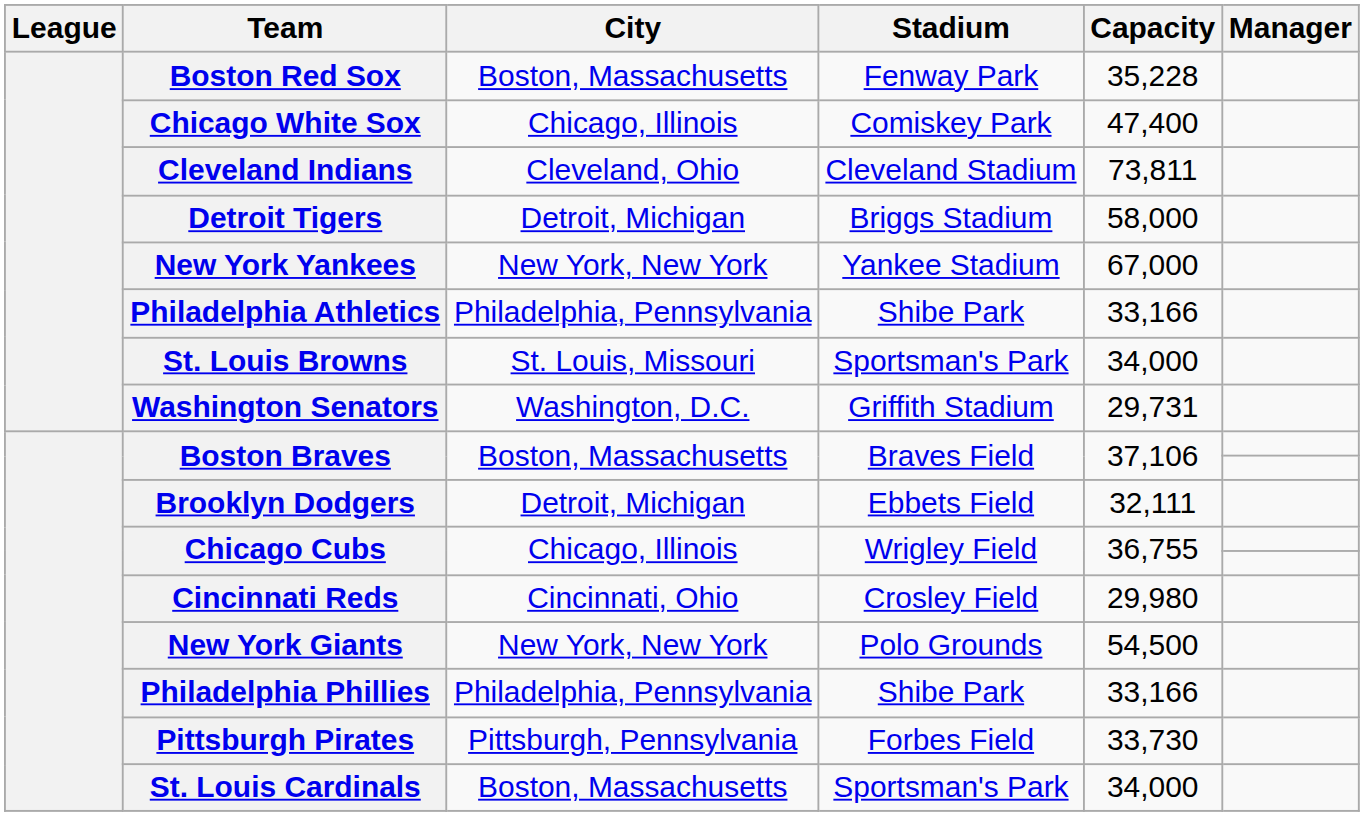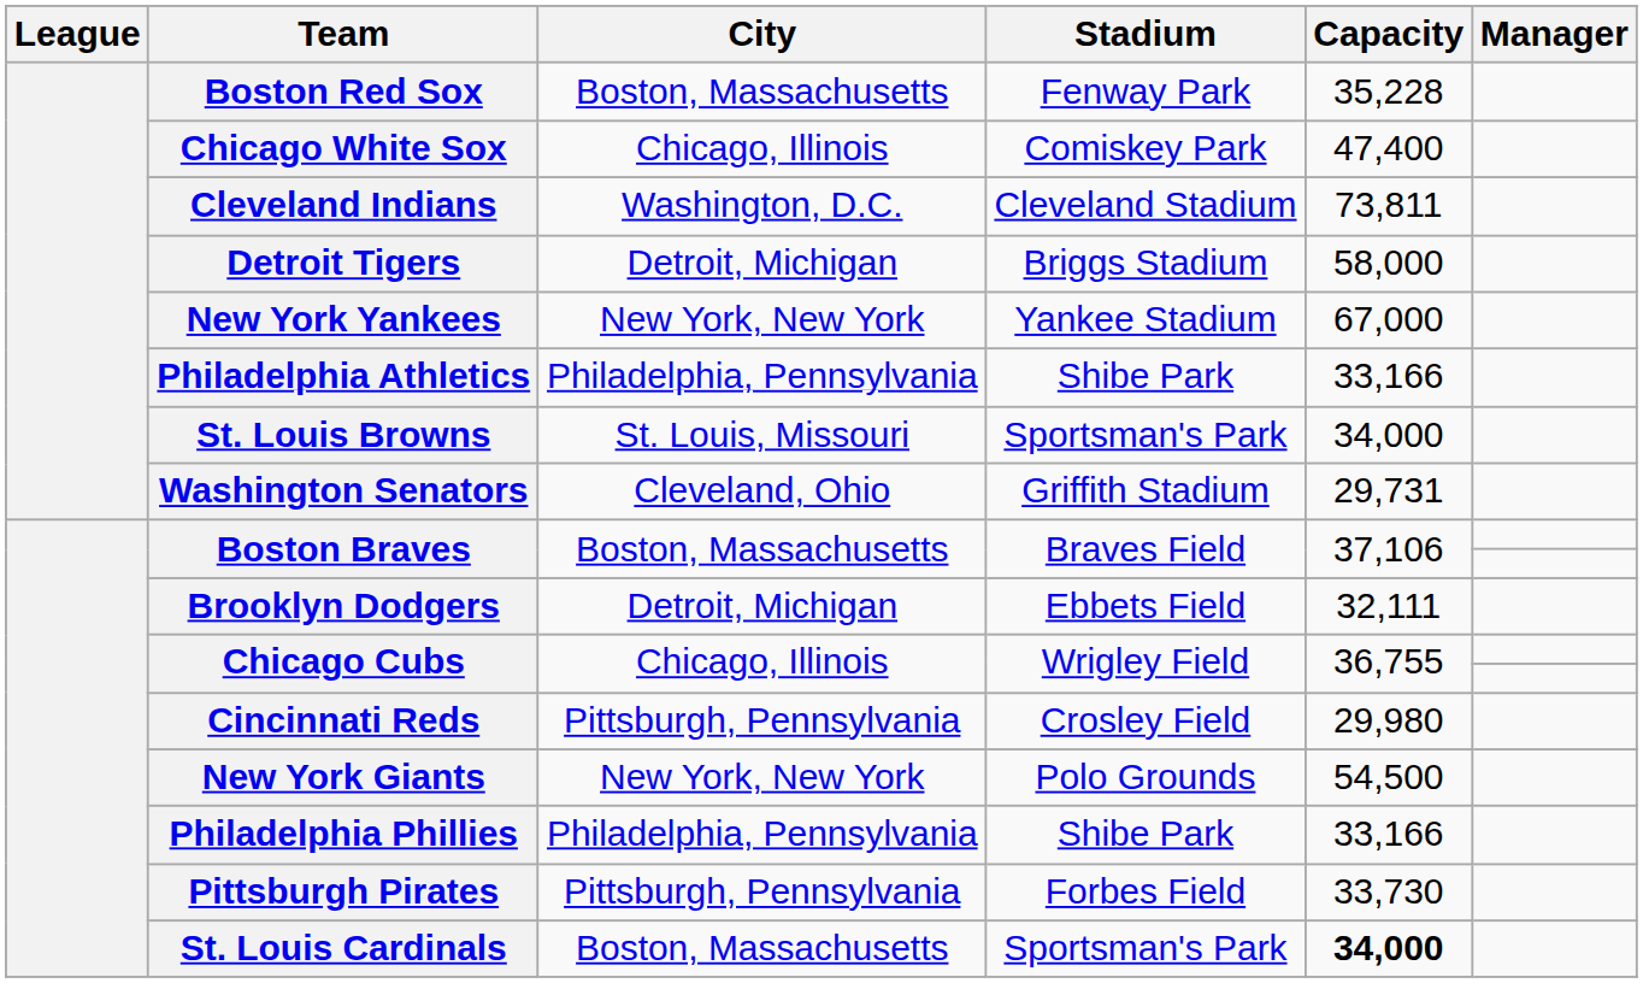 <table class="wikitable sortable plainrowheaders" style="text-align:center;">
 <tr>
 <th scope="col">League</th>
 <th scope="col">Team</th>
 <th scope="col">City</th>
 <th scope="col">Stadium</th>
 <th scope="col">Capacity</th>
 <th scope="col">Manager</th>
 </tr>
 <tr>
 <th rowspan="8"></th>
 <th scope="row"><a href='#'>Boston Red Sox</a></th>
 <td><a href='#'>Boston, Massachusetts</a></td>
 <td><a href='#'>Fenway Park</a></td>
 <td>35,228</td>
 <td></td>
 </tr>
 <tr>
 <th scope="row"><a href='#'>Chicago White Sox</a></th>
 <td><a href='#'>Chicago, Illinois</a></td>
 <td><a href='#'>Comiskey Park</a></td>
 <td>47,400</td>
 <td></td>
 </tr>
 <tr>
 <th scope="row"><a href='#'>Cleveland Indians</a></th>
-<td><a href='#'>Cleveland, Ohio</a></td>
+<td><a href='#'>Washington, D.C.</a></td>
 <td><a href='#'>Cleveland Stadium</a></td>
 <td>73,811</td>
 <td></td>
 </tr>
 <tr>
 <th scope="row"><a href='#'>Detroit Tigers</a></th>
 <td><a href='#'>Detroit, Michigan</a></td>
 <td><a href='#'>Briggs Stadium</a></td>
 <td>58,000</td>
 <td></td>
 </tr>
 <tr>
 <th scope="row"><a href='#'>New York Yankees</a></th>
 <td><a href='#'>New York, New York</a></td>
 <td><a href='#'>Yankee Stadium</a></td>
 <td>67,000</td>
 <td></td>
 </tr>
 <tr>
 <th scope="row"><a href='#'>Philadelphia Athletics</a></th>
 <td><a href='#'>Philadelphia, Pennsylvania</a></td>
 <td><a href='#'>Shibe Park</a></td>
 <td>33,166</td>
 <td></td>
 </tr>
 <tr>
 <th scope="row"><a href='#'>St. Louis Browns</a></th>
 <td><a href='#'>St. Louis, Missouri</a></td>
 <td><a href='#'>Sportsman's Park</a></td>
 <td>34,000</td>
 <td></td>
 </tr>
 <tr>
 <th scope="row"><a href='#'>Washington Senators</a></th>
-<td><a href='#'>Washington, D.C.</a></td>
+<td><a href='#'>Cleveland, Ohio</a></td>
 <td><a href='#'>Griffith Stadium</a></td>
 <td>29,731</td>
 <td></td>
 </tr>
 <tr>
 <th rowspan="10"></th>
 <th rowspan="2" scope="row"><a href='#'>Boston Braves</a></th>
 <td rowspan="2"><a href='#'>Boston, Massachusetts</a></td>
 <td rowspan="2"><a href='#'>Braves Field</a></td>
 <td rowspan="2">37,106</td>
 <td></td>
 </tr>
 <tr>
 <td></td>
 </tr>
 <tr>
 <th scope="row"><a href='#'>Brooklyn Dodgers</a></th>
 <td><a href='#'>Detroit, Michigan</a></td>
 <td><a href='#'>Ebbets Field</a></td>
 <td>32,111</td>
 <td></td>
 </tr>
 <tr>
 <th rowspan="2" scope="row"><a href='#'>Chicago Cubs</a></th>
 <td rowspan="2"><a href='#'>Chicago, Illinois</a></td>
 <td rowspan="2"><a href='#'>Wrigley Field</a></td>
 <td rowspan="2">36,755</td>
 <td></td>
 </tr>
 <tr>
 <td></td>
 </tr>
 <tr>
 <th scope="row"><a href='#'>Cincinnati Reds</a></th>
-<td><a href='#'>Cincinnati, Ohio</a></td>
+<td><a href='#'>Pittsburgh, Pennsylvania</a></td>
 <td><a href='#'>Crosley Field</a></td>
 <td>29,980</td>
 <td></td>
 </tr>
 <tr>
 <th scope="row"><a href='#'>New York Giants</a></th>
 <td><a href='#'>New York, New York</a></td>
 <td><a href='#'>Polo Grounds</a></td>
 <td>54,500</td>
 <td></td>
 </tr>
 <tr>
 <th scope="row"><a href='#'>Philadelphia Phillies</a></th>
 <td><a href='#'>Philadelphia, Pennsylvania</a></td>
 <td><a href='#'>Shibe Park</a></td>
 <td>33,166</td>
 <td></td>
 </tr>
 <tr>
 <th scope="row"><a href='#'>Pittsburgh Pirates</a></th>
 <td><a href='#'>Pittsburgh, Pennsylvania</a></td>
 <td><a href='#'>Forbes Field</a></td>
 <td>33,730</td>
 <td></td>
 </tr>
 <tr>
 <th scope="row"><a href='#'>St. Louis Cardinals</a></th>
 <td><a href='#'>Boston, Massachusetts</a></td>
 <td><a href='#'>Sportsman's Park</a></td>
-<td>34,000</td>
+<td><strong>34,000</strong></td>
 <td></td>
 </tr>
 </table>
